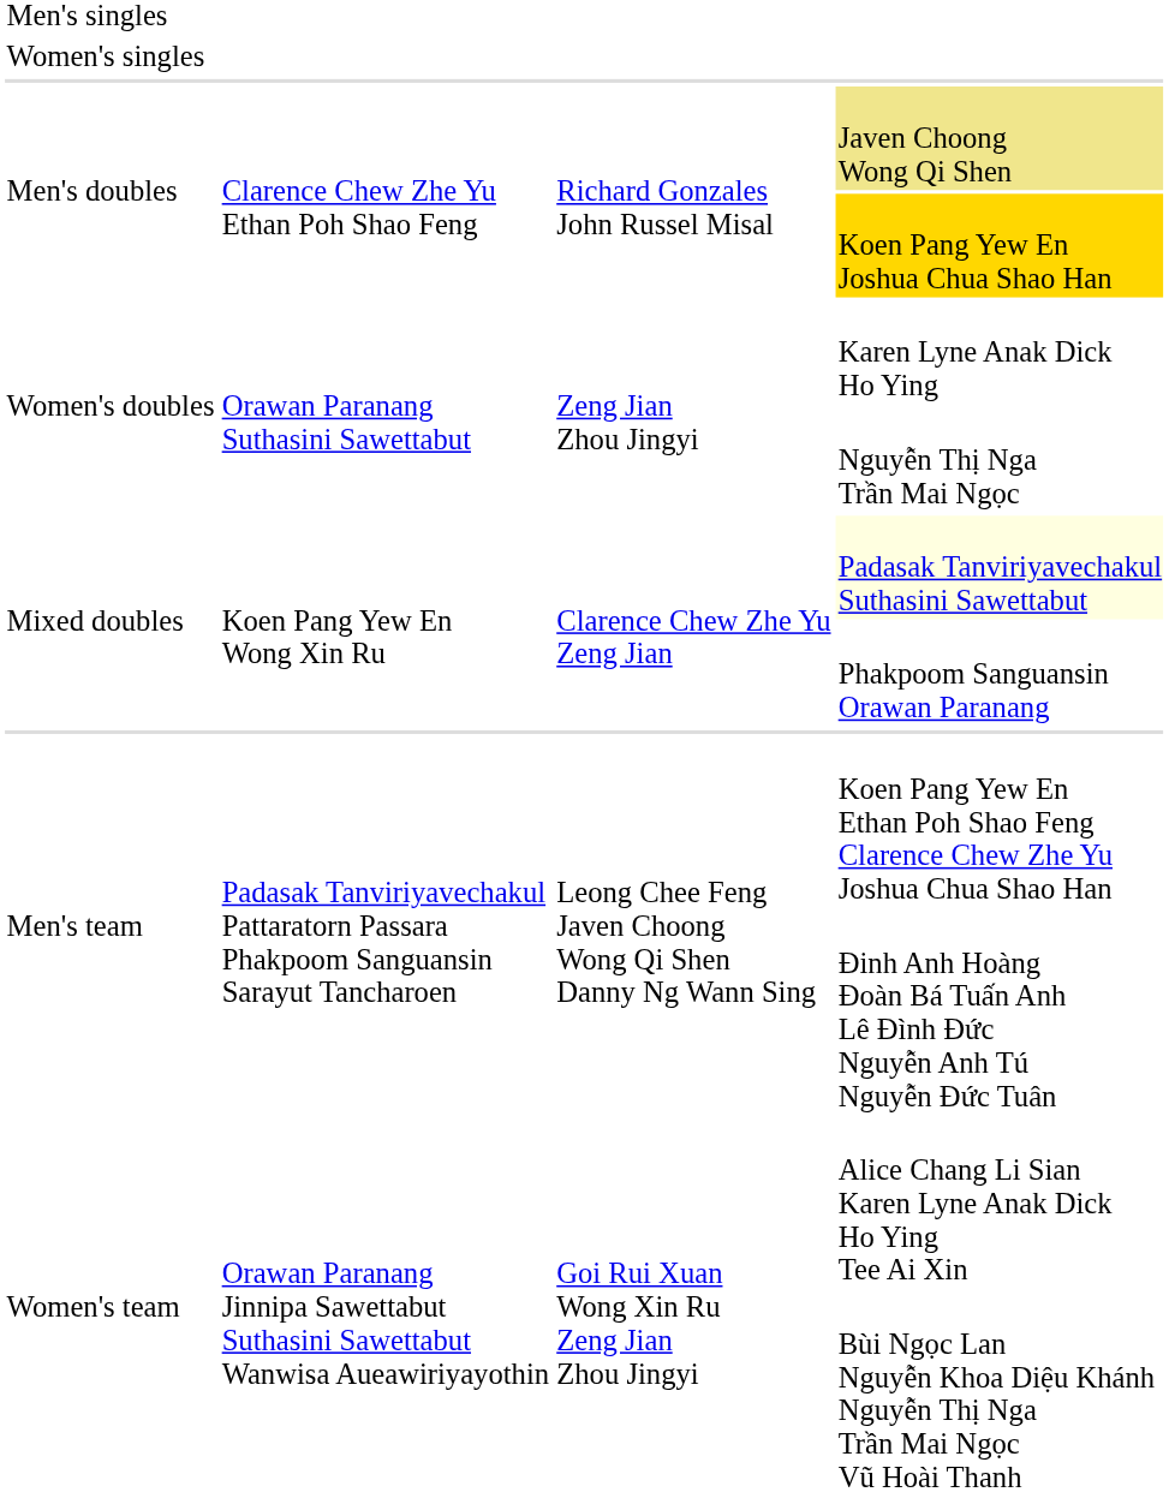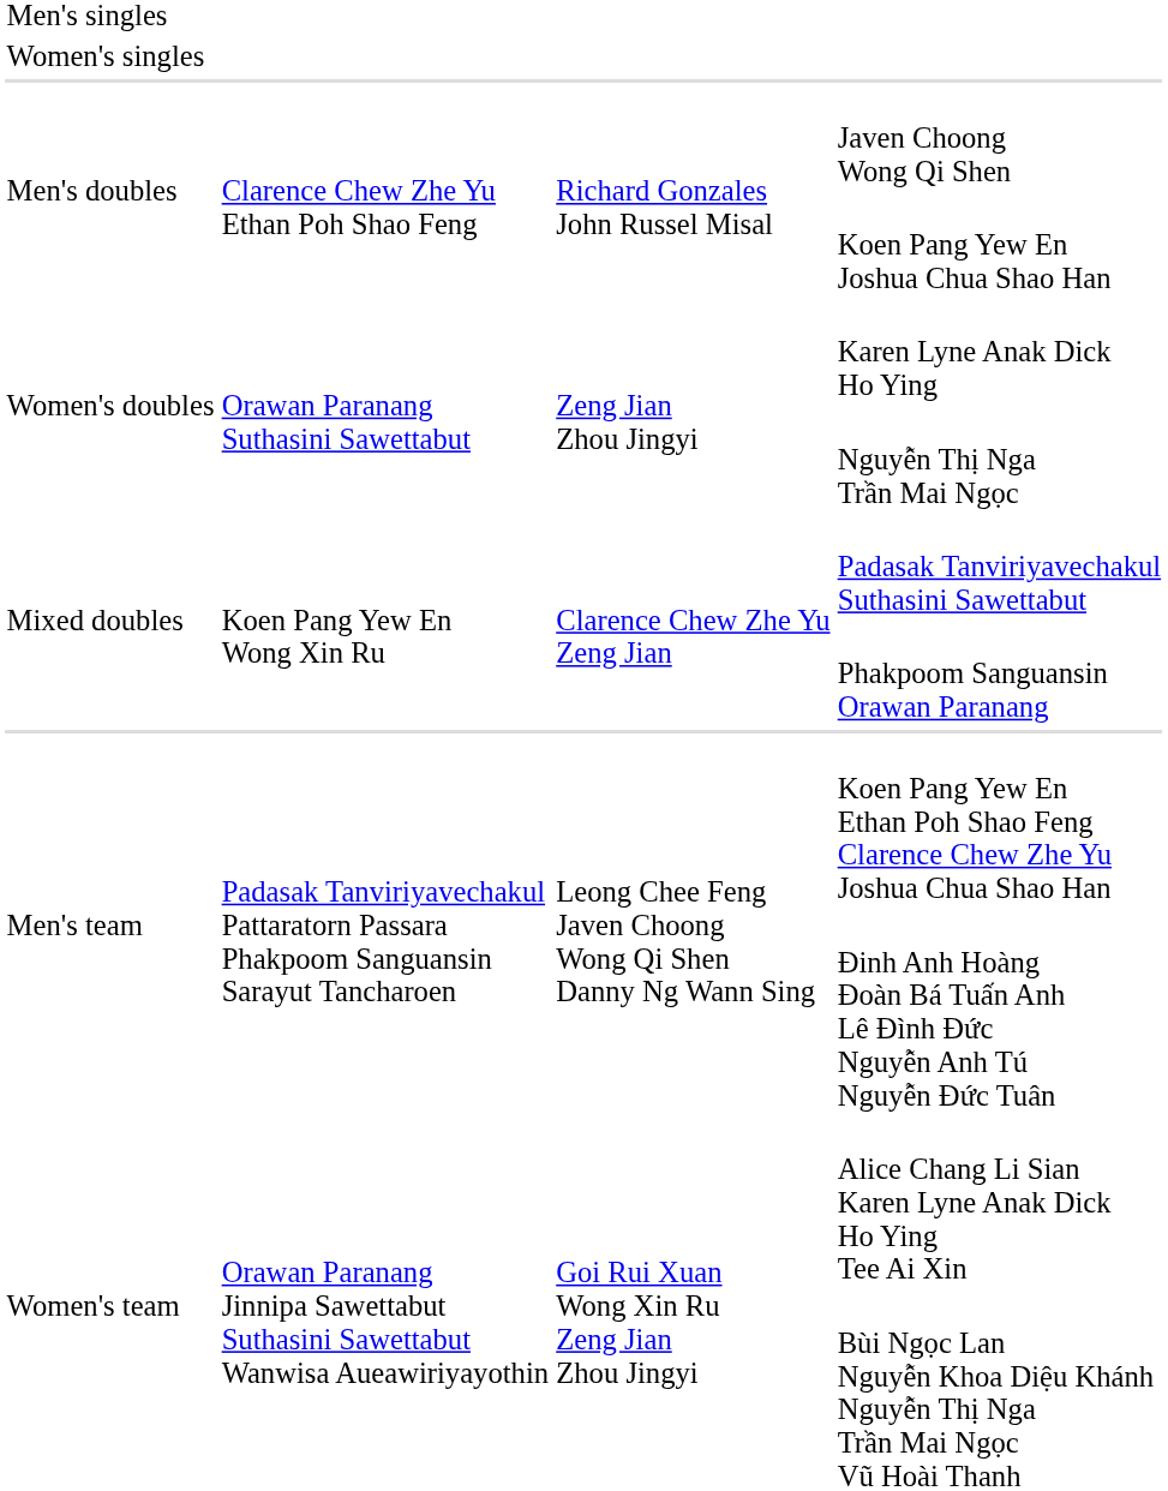 <table>
 <tr>
 <td rowspan=2>Men's singles<br></td>
 <td rowspan=2></td>
 <td rowspan=2 nowrap></td>
 <td></td>
 </tr>
 <tr>
 <td></td>
 </tr>
 <tr>
 <td rowspan=2>Women's singles<br></td>
 <td rowspan=2></td>
 <td rowspan=2></td>
 <td></td>
 </tr>
 <tr>
 <td></td>
 </tr>
 <tr bgcolor=#dddddd>
 <td colspan="4"></td>
 </tr>
 <tr>
 <td rowspan=2>Men's doubles<br></td>
 <td rowspan=2><br><a href='#'>Clarence Chew Zhe Yu</a><br>Ethan Poh Shao Feng</td>
 <td rowspan=2><br><a href='#'>Richard Gonzales</a><br>John Russel Misal</td>
-<td style="background: khaki;"><br>Javen Choong<br>Wong Qi Shen</td>
+<td><br>Javen Choong<br>Wong Qi Shen</td>
 </tr>
 <tr>
-<td style="background: gold;"><br>Koen Pang Yew En<br>Joshua Chua Shao Han</td>
+<td><br>Koen Pang Yew En<br>Joshua Chua Shao Han</td>
 </tr>
 <tr>
 <td rowspan=2>Women's doubles<br></td>
 <td rowspan=2><br><a href='#'>Orawan Paranang</a><br><a href='#'>Suthasini Sawettabut</a></td>
 <td rowspan=2><br><a href='#'>Zeng Jian</a><br>Zhou Jingyi</td>
 <td><br>Karen Lyne Anak Dick<br>Ho Ying</td>
 </tr>
 <tr>
 <td><br>Nguyễn Thị Nga<br>Trần Mai Ngọc</td>
 </tr>
 <tr>
 <td rowspan=2>Mixed doubles<br></td>
 <td rowspan=2><br>Koen Pang Yew En<br>Wong Xin Ru</td>
 <td rowspan=2><br><a href='#'>Clarence Chew Zhe Yu</a><br><a href='#'>Zeng Jian</a></td>
-<td nowrap style="background: lightyellow;"><br><a href='#'>Padasak Tanviriyavechakul</a><br><a href='#'>Suthasini Sawettabut</a></td>
+<td nowrap><br><a href='#'>Padasak Tanviriyavechakul</a><br><a href='#'>Suthasini Sawettabut</a></td>
 </tr>
 <tr>
 <td><br>Phakpoom Sanguansin<br><a href='#'>Orawan Paranang</a></td>
 </tr>
 <tr bgcolor=#dddddd>
 <td colspan="4"></td>
 </tr>
 <tr>
 <td rowspan=2>Men's team<br></td>
 <td rowspan=2 nowrap><br><a href='#'>Padasak Tanviriyavechakul</a><br>Pattaratorn Passara	<br>Phakpoom Sanguansin<br>Sarayut Tancharoen</td>
 <td rowspan=2><br>Leong Chee Feng<br>Javen Choong<br>Wong Qi Shen<br>Danny Ng Wann Sing</td>
 <td><br>Koen Pang Yew En<br>Ethan Poh Shao Feng<br><a href='#'>Clarence Chew Zhe Yu</a><br>Joshua Chua Shao Han</td>
 </tr>
 <tr>
 <td><br>Đinh Anh Hoàng<br>Đoàn Bá Tuấn Anh<br>Lê Đình Đức<br>Nguyễn Anh Tú<br>Nguyễn Đức Tuân</td>
 </tr>
 <tr>
 <td rowspan=2>Women's team<br></td>
 <td rowspan=2 nowrap><br><a href='#'>Orawan Paranang</a><br>Jinnipa Sawettabut<br><a href='#'>Suthasini Sawettabut</a><br>Wanwisa Aueawiriyayothin</td>
 <td rowspan=2><br><a href='#'>Goi Rui Xuan</a><br>Wong Xin Ru<br><a href='#'>Zeng Jian</a><br>Zhou Jingyi</td>
 <td><br>Alice Chang Li Sian <br>Karen Lyne Anak Dick<br>Ho Ying<br>Tee Ai Xin</td>
 </tr>
 <tr>
 <td><br>Bùi Ngọc Lan<br>Nguyễn Khoa Diệu Khánh<br>Nguyễn Thị Nga<br>Trần Mai Ngọc<br>Vũ Hoài Thanh</td>
 </tr>
 </table>
